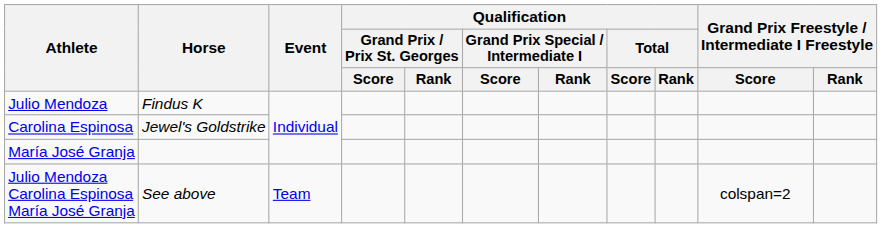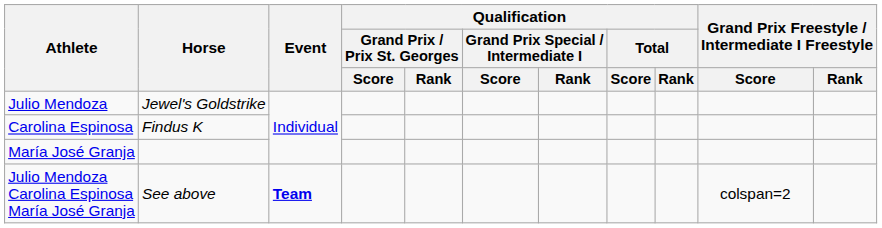 <table class=wikitable style=font-size:90%;text-align:center>
 <tr>
 <th rowspan=3>Athlete</th>
 <th rowspan=3>Horse</th>
 <th rowspan=3>Event</th>
 <th colspan=6>Qualification</th>
 <th colspan=2 rowspan=2>Grand Prix Freestyle /<br>Intermediate I Freestyle</th>
 </tr>
 <tr style=font-size:95%>
 <th colspan=2>Grand Prix /<br>Prix St. Georges</th>
 <th colspan=2>Grand Prix Special /<br>Intermediate I</th>
 <th colspan=2>Total</th>
 </tr>
 <tr style=font-size:95%>
 <th>Score</th>
 <th>Rank</th>
 <th>Score</th>
 <th>Rank</th>
 <th>Score</th>
 <th>Rank</th>
 <th>Score</th>
 <th>Rank</th>
 </tr>
 <tr>
 <td align=left><a href='#'>Julio Mendoza</a></td>
-<td align=left><em>Findus K</em></td>
+<td align=left><em>Jewel's Goldstrike</em></td>
 <td align=left rowspan=3><a href='#'>Individual</a></td>
 <td></td>
 <td></td>
 <td></td>
 <td></td>
 <td></td>
 <td></td>
 <td></td>
 <td></td>
 </tr>
 <tr>
 <td align=left><a href='#'>Carolina Espinosa</a></td>
-<td align=left><em>Jewel's Goldstrike</em></td>
+<td align=left><em>Findus K</em></td>
 <td></td>
 <td></td>
 <td></td>
 <td></td>
 <td></td>
 <td></td>
 <td></td>
 <td></td>
 </tr>
 <tr>
 <td align=left><a href='#'>María José Granja</a></td>
 <td align=left></td>
 <td></td>
 <td></td>
 <td></td>
 <td></td>
 <td></td>
 <td></td>
 <td></td>
 <td></td>
 </tr>
 <tr>
 <td align=left><a href='#'>Julio Mendoza</a><br><a href='#'>Carolina Espinosa</a><br><a href='#'>María José Granja</a></td>
 <td align=left><em>See above</em></td>
-<td align=left><a href='#'>Team</a></td>
+<td align=left><strong><a href='#'>Team</a></strong></td>
 <td></td>
 <td></td>
 <td></td>
 <td></td>
 <td></td>
 <td></td>
 <td>colspan=2 </td>
 </tr>
 </table>
